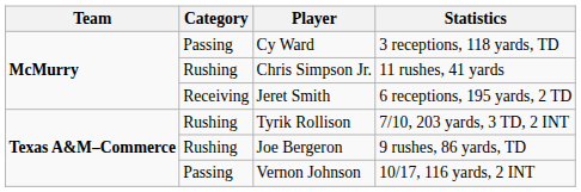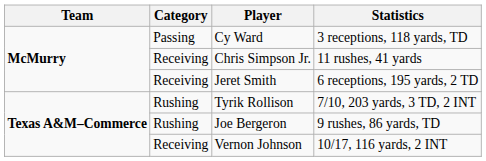 <table class="wikitable" style="float: left;">
 <tr>
 <th>Team</th>
 <th>Category</th>
 <th>Player</th>
 <th>Statistics</th>
 </tr>
 <tr>
 <td rowspan=3><strong>McMurry</strong></td>
 <td>Passing</td>
 <td>Cy Ward</td>
 <td>3 receptions, 118 yards, TD</td>
 </tr>
 <tr>
-<td>Rushing</td>
+<td>Receiving</td>
 <td>Chris Simpson Jr.</td>
 <td>11 rushes, 41 yards</td>
 </tr>
 <tr>
 <td>Receiving</td>
 <td>Jeret Smith</td>
 <td>6 receptions, 195 yards, 2 TD</td>
 </tr>
 <tr>
 <td rowspan=3><strong>Texas A&M–Commerce</strong></td>
 <td>Rushing</td>
 <td>Tyrik Rollison</td>
 <td>7/10, 203 yards, 3 TD, 2 INT</td>
 </tr>
 <tr>
 <td>Rushing</td>
 <td>Joe Bergeron</td>
 <td>9 rushes, 86 yards, TD</td>
 </tr>
 <tr>
-<td>Passing</td>
+<td>Receiving</td>
 <td>Vernon Johnson</td>
 <td>10/17, 116 yards, 2 INT</td>
 </tr>
 </table>
